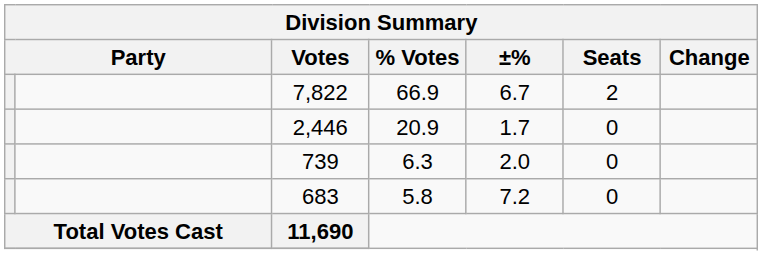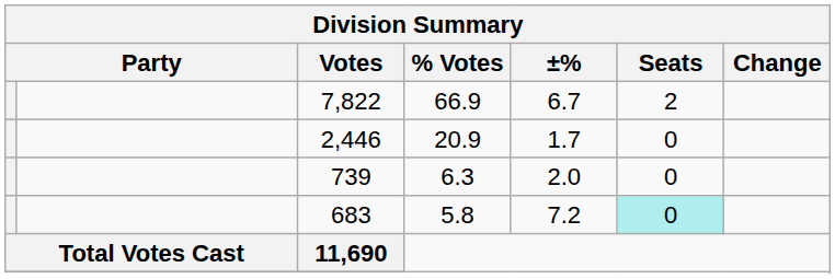 <table class="wikitable" style="font-size: 95%;">
 <tr>
 <th colspan="7">Division Summary</th>
 </tr>
 <tr>
 <th colspan="2">Party</th>
 <th style="width: 60px">Votes</th>
 <th style="width: 60px">% Votes</th>
 <th style="width: 60px">±%</th>
 <th style="width: 60px">Seats</th>
 <th style="width: 60px">Change</th>
 </tr>
 <tr>
 <th style="background-color: "></th>
 <td style="width: 170px"><a href='#'></a></td>
 <td align="center">7,822</td>
 <td align="center">66.9</td>
 <td align="center">6.7</td>
 <td align="center">2</td>
 <td align="center"></td>
 </tr>
 <tr>
 <th style="background-color: "></th>
 <td style="width: 170px"><a href='#'></a></td>
 <td align="center">2,446</td>
 <td align="center">20.9</td>
 <td align="center">1.7</td>
 <td align="center">0</td>
 <td align="center"></td>
 </tr>
 <tr>
 <th style="background-color: "></th>
 <td style="width: 170px"><a href='#'></a></td>
 <td align="center">739</td>
 <td align="center">6.3</td>
 <td align="center">2.0</td>
 <td align="center">0</td>
 <td align="center"></td>
 </tr>
 <tr>
 <th style="background-color: "></th>
 <td style="width: 170px"><a href='#'></a></td>
 <td align="center">683</td>
 <td align="center">5.8</td>
 <td align="center">7.2</td>
-<td align="center">0</td>
+<td align="center" style="background: paleturquoise;">0</td>
 <td align="center"></td>
 </tr>
 <tr style="background-color:#E9E9E9">
 <th colspan="2">Total Votes Cast</th>
 <th style="width: 60px">11,690</th>
 </tr>
 <tr style="background-color:#E9E9E9">
 </tr>
 </table>
